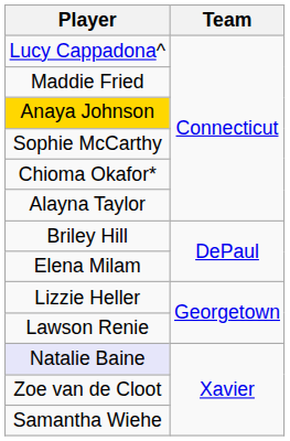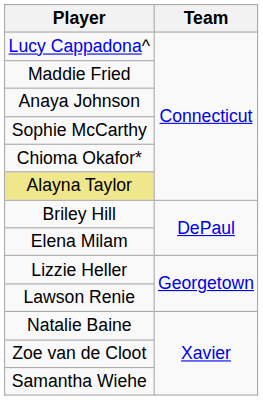 <table class="wikitable" style="text-align: center;">
 <tr>
 <th>Player</th>
 <th>Team</th>
 </tr>
 <tr>
 <td><a href='#'>Lucy Cappadona</a>^</td>
 <td rowspan=6><a href='#'>Connecticut</a></td>
 </tr>
 <tr>
 <td>Maddie Fried</td>
 </tr>
 <tr>
-<td style="background: gold;">Anaya Johnson</td>
+<td>Anaya Johnson</td>
 </tr>
 <tr>
 <td>Sophie McCarthy</td>
 </tr>
 <tr>
 <td>Chioma Okafor*</td>
 </tr>
 <tr>
-<td>Alayna Taylor</td>
+<td style="background: khaki;">Alayna Taylor</td>
 </tr>
 <tr>
 <td>Briley Hill</td>
 <td rowspan=2><a href='#'>DePaul</a></td>
 </tr>
 <tr>
 <td>Elena Milam</td>
 </tr>
 <tr>
 <td>Lizzie Heller</td>
 <td rowspan=2><a href='#'>Georgetown</a></td>
 </tr>
 <tr>
 <td>Lawson Renie</td>
 </tr>
 <tr>
-<td style="background: lavender;">Natalie Baine</td>
+<td>Natalie Baine</td>
 <td rowspan=3><a href='#'>Xavier</a></td>
 </tr>
 <tr>
 <td>Zoe van de Cloot</td>
 </tr>
 <tr>
 <td>Samantha Wiehe</td>
 </tr>
 </table>
